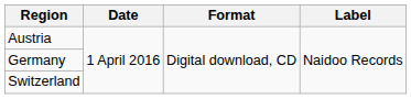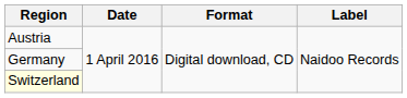 <table class="wikitable">
 <tr>
 <th scope="col">Region</th>
 <th scope="col">Date</th>
 <th scope="col">Format</th>
 <th scope="col">Label</th>
 </tr>
 <tr>
 <td>Austria</td>
 <td rowspan="3">1 April 2016</td>
 <td rowspan="3">Digital download, CD</td>
 <td rowspan="3">Naidoo Records</td>
 </tr>
 <tr>
 <td>Germany</td>
 </tr>
 <tr>
-<td>Switzerland</td>
+<td style="background: lightyellow;">Switzerland</td>
 </tr>
 </table>
